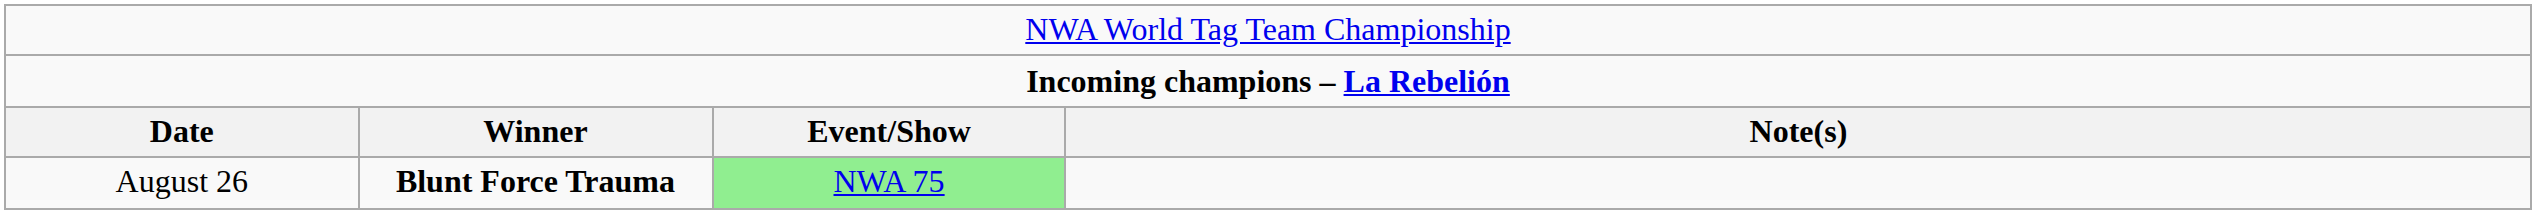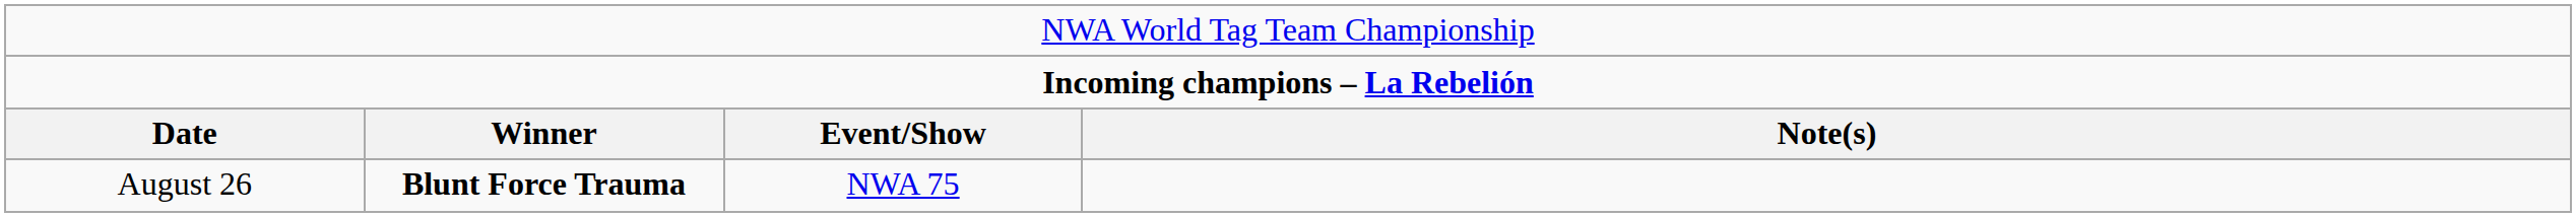 <table class="wikitable" style="text-align:center; width:100%;">
 <tr>
 <td colspan="5" style="text-align: center;"><a href='#'>NWA World Tag Team Championship</a></td>
 </tr>
 <tr>
 <td colspan="5" style="text-align: center;"><strong>Incoming champions – <a href='#'>La Rebelión</a> </strong></td>
 </tr>
 <tr>
 <th width=14%>Date</th>
 <th width=14%>Winner</th>
 <th width=14%>Event/Show</th>
 <th width=58%>Note(s)</th>
 </tr>
 <tr>
 <td>August 26</td>
 <td><strong>Blunt Force Trauma<br></strong></td>
-<td style="background: lightgreen;"><a href='#'>NWA 75</a><br></td>
+<td><a href='#'>NWA 75</a><br></td>
 <td></td>
 </tr>
 </table>
